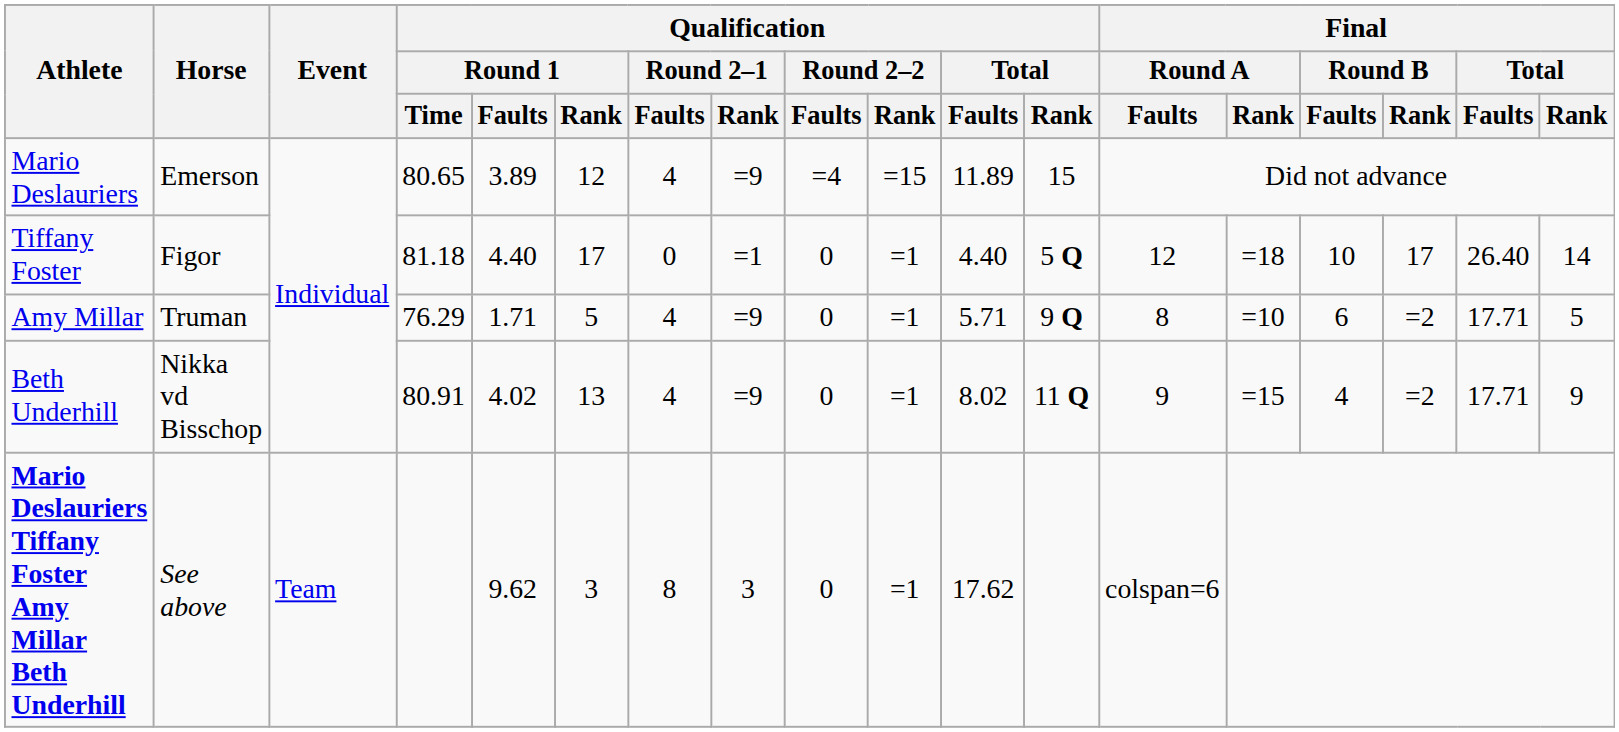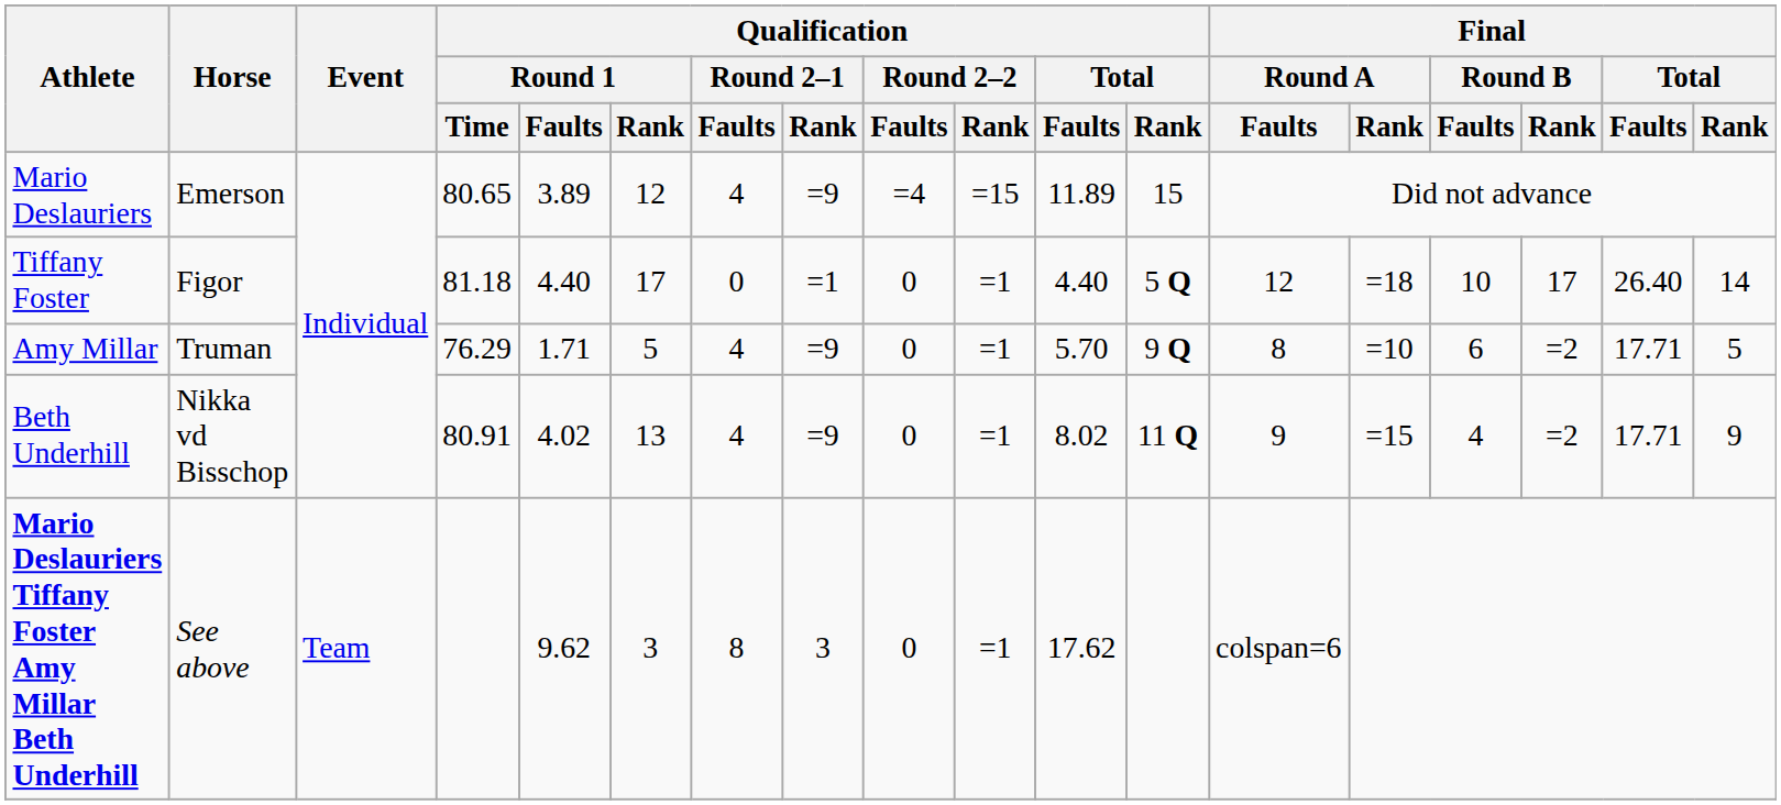 <table class=wikitable style=font-size:90%;text-align:center>
 <tr>
 <th rowspan=3>Athlete</th>
 <th rowspan=3>Horse</th>
 <th rowspan=3>Event</th>
 <th colspan=9>Qualification</th>
 <th colspan=6>Final</th>
 </tr>
 <tr style=font-size:95%>
 <th colspan=3>Round 1</th>
 <th colspan=2>Round 2–1</th>
 <th colspan=2>Round 2–2</th>
 <th colspan=2>Total</th>
 <th colspan=2>Round A</th>
 <th colspan=2>Round B</th>
 <th colspan=2>Total</th>
 </tr>
 <tr style=font-size:95%>
 <th>Time</th>
 <th>Faults</th>
 <th>Rank</th>
 <th>Faults</th>
 <th>Rank</th>
 <th>Faults</th>
 <th>Rank</th>
 <th>Faults</th>
 <th>Rank</th>
 <th>Faults</th>
 <th>Rank</th>
 <th>Faults</th>
 <th>Rank</th>
 <th>Faults</th>
 <th>Rank</th>
 </tr>
 <tr>
 <td align=left><a href='#'>Mario Deslauriers</a></td>
 <td align=left>Emerson</td>
 <td align=left rowspan=4><a href='#'>Individual</a></td>
 <td>80.65</td>
 <td>3.89</td>
 <td>12</td>
 <td>4</td>
 <td>=9</td>
 <td>=4</td>
 <td>=15</td>
 <td>11.89</td>
 <td>15</td>
 <td colspan=6>Did not advance</td>
 </tr>
 <tr>
 <td align=left><a href='#'>Tiffany Foster</a></td>
 <td align=left>Figor</td>
 <td>81.18</td>
 <td>4.40</td>
 <td>17</td>
 <td>0</td>
 <td>=1</td>
 <td>0</td>
 <td>=1</td>
 <td>4.40</td>
 <td>5 <strong>Q</strong></td>
 <td>12</td>
 <td>=18</td>
 <td>10</td>
 <td>17</td>
 <td>26.40</td>
 <td>14</td>
 </tr>
 <tr>
 <td align=left><a href='#'>Amy Millar</a></td>
 <td align=left>Truman</td>
 <td>76.29</td>
 <td>1.71</td>
 <td>5</td>
 <td>4</td>
 <td>=9</td>
 <td>0</td>
 <td>=1</td>
-<td>5.71</td>
+<td>5.70</td>
 <td>9 <strong>Q</strong></td>
 <td>8</td>
 <td>=10</td>
 <td>6</td>
 <td>=2</td>
 <td>17.71</td>
 <td>5</td>
 </tr>
 <tr>
 <td align=left><a href='#'>Beth Underhill</a></td>
 <td align=left>Nikka vd Bisschop</td>
 <td>80.91</td>
 <td>4.02</td>
 <td>13</td>
 <td>4</td>
 <td>=9</td>
 <td>0</td>
 <td>=1</td>
 <td>8.02</td>
 <td>11 <strong>Q</strong></td>
 <td>9</td>
 <td>=15</td>
 <td>4</td>
 <td>=2</td>
 <td>17.71</td>
 <td>9</td>
 </tr>
 <tr>
 <td align=left><strong><a href='#'>Mario Deslauriers</a><br><a href='#'>Tiffany Foster</a><br><a href='#'>Amy Millar</a><br><a href='#'>Beth Underhill</a></strong></td>
 <td align=left><em>See above</em></td>
 <td align=left><a href='#'>Team</a></td>
 <td></td>
 <td>9.62</td>
 <td>3</td>
 <td>8</td>
 <td>3</td>
 <td>0</td>
 <td>=1</td>
 <td>17.62</td>
 <td></td>
 <td>colspan=6 </td>
 </tr>
 </table>
